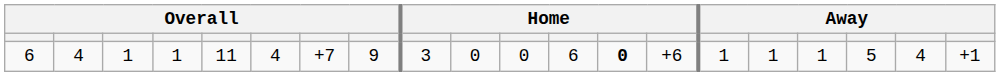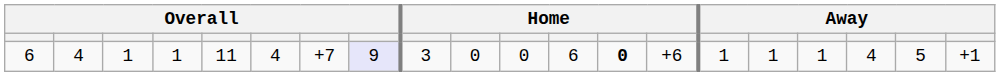 <table class="wikitable" style="text-align: center;">
 <tr>
 <th colspan=8 style="border-right:3px solid grey;">Overall</th>
 <th colspan=6 style="border-right:3px solid grey;">Home</th>
 <th colspan=6>Away</th>
 </tr>
 <tr>
 <th width=30></th>
 <th width=30></th>
 <th width=30></th>
 <th width=30></th>
 <th width=30></th>
 <th width=30></th>
 <th width=30></th>
 <th width=30 style="border-right:3px solid grey;"></th>
 <th width=30></th>
 <th width=30></th>
 <th width=30></th>
 <th width=30></th>
 <th width=30></th>
 <th width=30 style="border-right:3px solid grey;"></th>
 <th width=30></th>
 <th width=30></th>
 <th width=30></th>
 <th width=30></th>
 <th width=30></th>
 <th width=30></th>
 </tr>
 <tr>
 <td>6</td>
 <td>4</td>
 <td>1</td>
 <td>1</td>
 <td>11</td>
 <td>4</td>
 <td>+7</td>
-<td width=30 style="border-right:3px solid grey;">9</td>
+<td width=30 style="background: lavender; border-right:3px solid grey;">9</td>
 <td>3</td>
 <td>0</td>
 <td>0</td>
 <td>6</td>
 <td><strong>0</strong></td>
 <td width=30 style="border-right:3px solid grey;">+6</td>
 <td>1</td>
 <td>1</td>
 <td>1</td>
+<td>4</td>
 <td>5</td>
-<td>4</td>
 <td>+1</td>
 </tr>
 </table>
